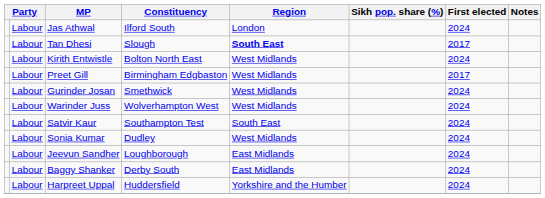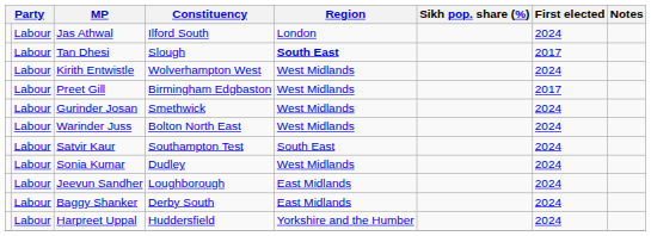 <table class="wikitable collapsible sortable">
 <tr>
 <th colspan="2"><a href='#'>Party</a></th>
 <th><a href='#'>MP</a></th>
 <th><a href='#'>Constituency</a></th>
 <th><a href='#'>Region</a></th>
 <th>Sikh <a href='#'>pop.</a> share (<a href='#'>%</a>)</th>
 <th>First elected</th>
 <th>Notes</th>
 </tr>
 <tr>
 <td style="width:1px; background:"></td>
 <td><a href='#'>Labour</a></td>
 <td><a href='#'>Jas Athwal</a></td>
 <td><a href='#'>Ilford South</a></td>
 <td><a href='#'>London</a></td>
 <td></td>
 <td><a href='#'>2024</a></td>
 <td></td>
 </tr>
 <tr>
 <td style="width:1px; background:"></td>
 <td><a href='#'>Labour</a></td>
 <td><a href='#'>Tan Dhesi</a></td>
 <td><a href='#'>Slough</a></td>
 <td><strong><a href='#'>South East</a></strong></td>
 <td></td>
 <td><a href='#'>2017</a></td>
 <td></td>
 </tr>
 <tr>
 <td style="width:1px; background:"></td>
 <td><a href='#'>Labour</a></td>
 <td><a href='#'>Kirith Entwistle</a></td>
-<td><a href='#'>Bolton North East</a></td>
+<td><a href='#'>Wolverhampton West</a></td>
 <td><a href='#'>West Midlands</a></td>
 <td></td>
 <td><a href='#'>2024</a></td>
 <td></td>
 </tr>
 <tr>
 <td style="width:1px; background:"></td>
 <td><a href='#'>Labour</a></td>
 <td><a href='#'>Preet Gill</a></td>
 <td><a href='#'>Birmingham Edgbaston</a></td>
 <td><a href='#'>West Midlands</a></td>
 <td></td>
 <td><a href='#'>2017</a></td>
 <td></td>
 </tr>
 <tr>
 <td style="width:1px; background:"></td>
 <td><a href='#'>Labour</a></td>
 <td><a href='#'>Gurinder Josan</a></td>
 <td><a href='#'>Smethwick</a></td>
 <td><a href='#'>West Midlands</a></td>
 <td></td>
 <td><a href='#'>2024</a></td>
 <td></td>
 </tr>
 <tr>
 <td style="width:1px; background:"></td>
 <td><a href='#'>Labour</a></td>
 <td><a href='#'>Warinder Juss</a></td>
-<td><a href='#'>Wolverhampton West</a></td>
+<td><a href='#'>Bolton North East</a></td>
 <td><a href='#'>West Midlands</a></td>
 <td></td>
 <td><a href='#'>2024</a></td>
 <td></td>
 </tr>
 <tr>
 <td style="width:1px; background:"></td>
 <td><a href='#'>Labour</a></td>
 <td><a href='#'>Satvir Kaur</a></td>
 <td><a href='#'>Southampton Test</a></td>
 <td><a href='#'>South East</a></td>
 <td></td>
 <td><a href='#'>2024</a></td>
 <td></td>
 </tr>
 <tr>
 <td style="width:1px; background:"></td>
 <td><a href='#'>Labour</a></td>
 <td><a href='#'>Sonia Kumar</a></td>
 <td><a href='#'>Dudley</a></td>
 <td><a href='#'>West Midlands</a></td>
 <td></td>
 <td><a href='#'>2024</a></td>
 <td></td>
 </tr>
 <tr>
 <td style="width:1px; background:"></td>
 <td><a href='#'>Labour</a></td>
 <td><a href='#'>Jeevun Sandher</a></td>
 <td><a href='#'>Loughborough</a></td>
 <td><a href='#'>East Midlands</a></td>
 <td></td>
 <td><a href='#'>2024</a></td>
 <td></td>
 </tr>
 <tr>
 <td style="width:1px; background:"></td>
 <td><a href='#'>Labour</a></td>
 <td><a href='#'>Baggy Shanker</a></td>
 <td><a href='#'>Derby South</a></td>
 <td><a href='#'>East Midlands</a></td>
 <td></td>
 <td><a href='#'>2024</a></td>
 <td></td>
 </tr>
 <tr>
 <td style="width:1px; background:"></td>
 <td><a href='#'>Labour</a></td>
 <td><a href='#'>Harpreet Uppal</a></td>
 <td><a href='#'>Huddersfield</a></td>
 <td><a href='#'>Yorkshire and the Humber</a></td>
 <td></td>
 <td><a href='#'>2024</a></td>
 <td></td>
 </tr>
 <tr>
 </tr>
 </table>
